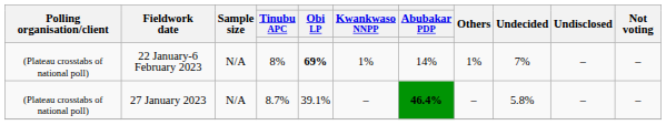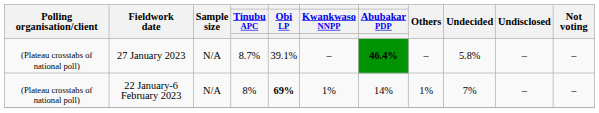 <table class="wikitable" style="text-align:center;font-size:95%;line-height:14px;">
 <tr>
 <th rowspan="3">Polling organisation/client</th>
 <th rowspan="3">Fieldwork<br>date</th>
 <th rowspan="3">Sample<br>size</th>
 <th></th>
 <th></th>
 <th></th>
 <th></th>
 <th rowspan="3">Others</th>
 <th rowspan="3">Undecided</th>
 <th rowspan="3">Undisclosed</th>
 <th rowspan="3">Not voting</th>
 </tr>
 <tr>
 <th><a href='#'>Tinubu</a><br><small><a href='#'>APC</a></small></th>
 <th><a href='#'>Obi</a><br><small><a href='#'>LP</a></small></th>
 <th><a href='#'>Kwankwaso</a><br><small><a href='#'>NNPP</a></small></th>
 <th><a href='#'>Abubakar</a><br><small><a href='#'>PDP</a></small></th>
 </tr>
 <tr>
 <th style="background:"></th>
 <th style="background:"></th>
 <th style="background:"></th>
 <th style="background:"></th>
 </tr>
 <tr>
 <td><br><small>(Plateau crosstabs of national poll)</small></td>
+<td>27 January 2023</td>
+<td>N/A</td>
+<td>8.7%</td>
+<td>39.1%</td>
+<td>–</td>
+<td bgcolor=#009404><strong>46.4%</strong></td>
+<td>–</td>
+<td>5.8%</td>
+<td>–</td>
+<td>–</td>
+</tr>
+<tr>
+<td><br><small>(Plateau crosstabs of national poll)</small></td>
 <td>22 January-6 February 2023</td>
 <td>N/A</td>
 <td>8%</td>
 <td><strong>69%</strong></td>
 <td>1%</td>
 <td>14%</td>
 <td>1%</td>
 <td>7%</td>
 <td>–</td>
 <td>–</td>
 </tr>
 <tr>
-<td><br><small>(Plateau crosstabs of national poll)</small></td>
-<td>27 January 2023</td>
-<td>N/A</td>
-<td>8.7%</td>
-<td>39.1%</td>
-<td>–</td>
-<td bgcolor=#009404><strong>46.4%</strong></td>
-<td>–</td>
-<td>5.8%</td>
-<td>–</td>
-<td>–</td>
-</tr>
-<tr>
 </tr>
 </table>
